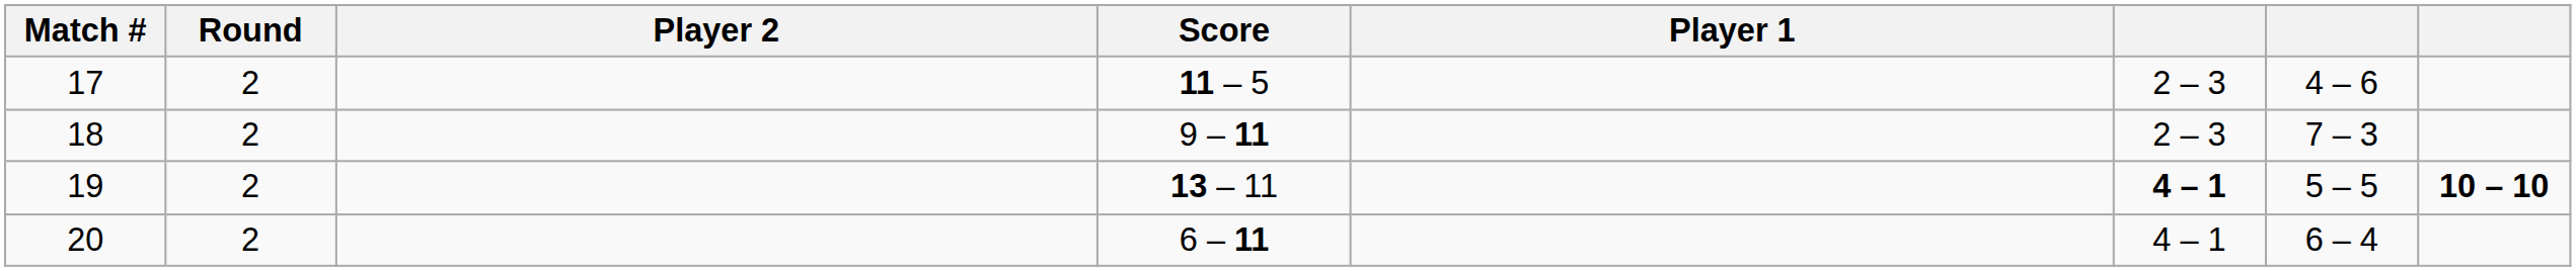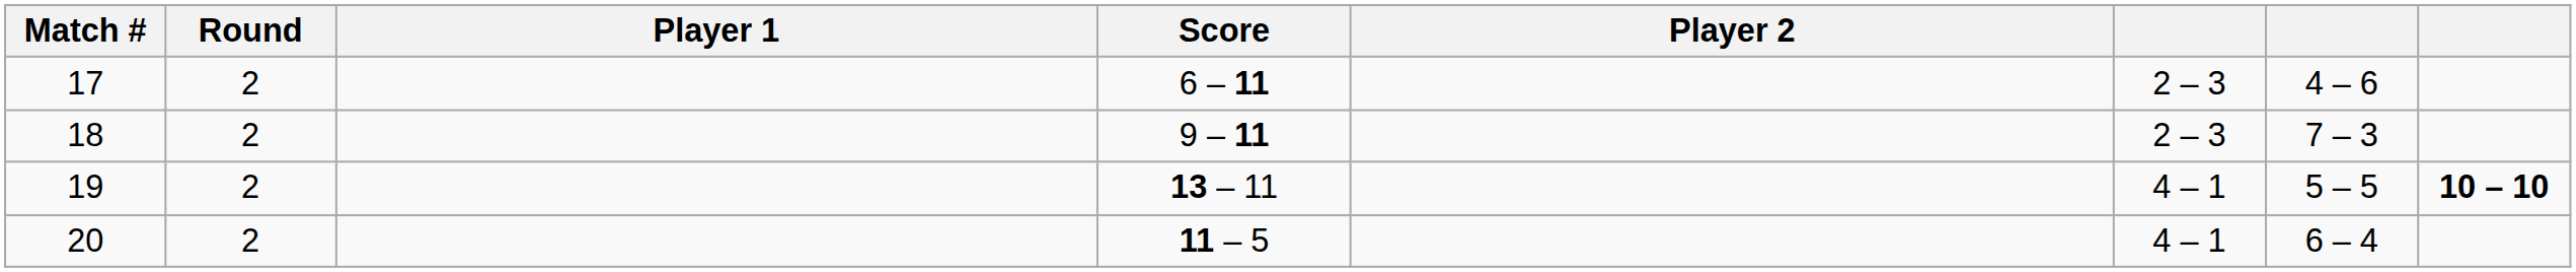 <table class="wikitable">
 <tr>
 <th width="2%">Match #</th>
 <th width="2%">Round</th>
+<th width="15%">Player 1</th>
+<th width="5%">Score</th>
 <th width="15%">Player 2</th>
-<th width="5%">Score</th>
-<th width="15%">Player 1</th>
 <th width="3%"></th>
 <th width="3%"></th>
 <th width="3%"></th>
 </tr>
 <tr style=text-align:center;"background:#;">
 <td>17</td>
 <td>2</td>
 <td></td>
-<td><strong>11</strong> – 5</td>
+<td>6 – <strong>11</strong></td>
 <td></td>
 <td>2 – 3</td>
 <td>4 – 6</td>
 <td></td>
 </tr>
 <tr style=text-align:center;"background:#;">
 <td>18</td>
 <td>2</td>
 <td></td>
 <td>9 – <strong>11</strong></td>
 <td></td>
 <td>2 – 3</td>
 <td>7 – 3</td>
 <td></td>
 </tr>
 <tr style=text-align:center;"background:#;">
 <td>19</td>
 <td>2</td>
 <td></td>
 <td><strong>13</strong> – 11</td>
 <td></td>
-<td><strong>4 – 1</strong></td>
+<td>4 – 1</td>
 <td>5 – 5</td>
 <td><strong>10 – 10</strong></td>
 </tr>
 <tr style=text-align:center;"background:#;">
 <td>20</td>
 <td>2</td>
 <td></td>
-<td>6 – <strong>11</strong></td>
+<td><strong>11</strong> – 5</td>
 <td></td>
 <td>4 – 1</td>
 <td>6 – 4</td>
 <td></td>
 </tr>
 </table>
